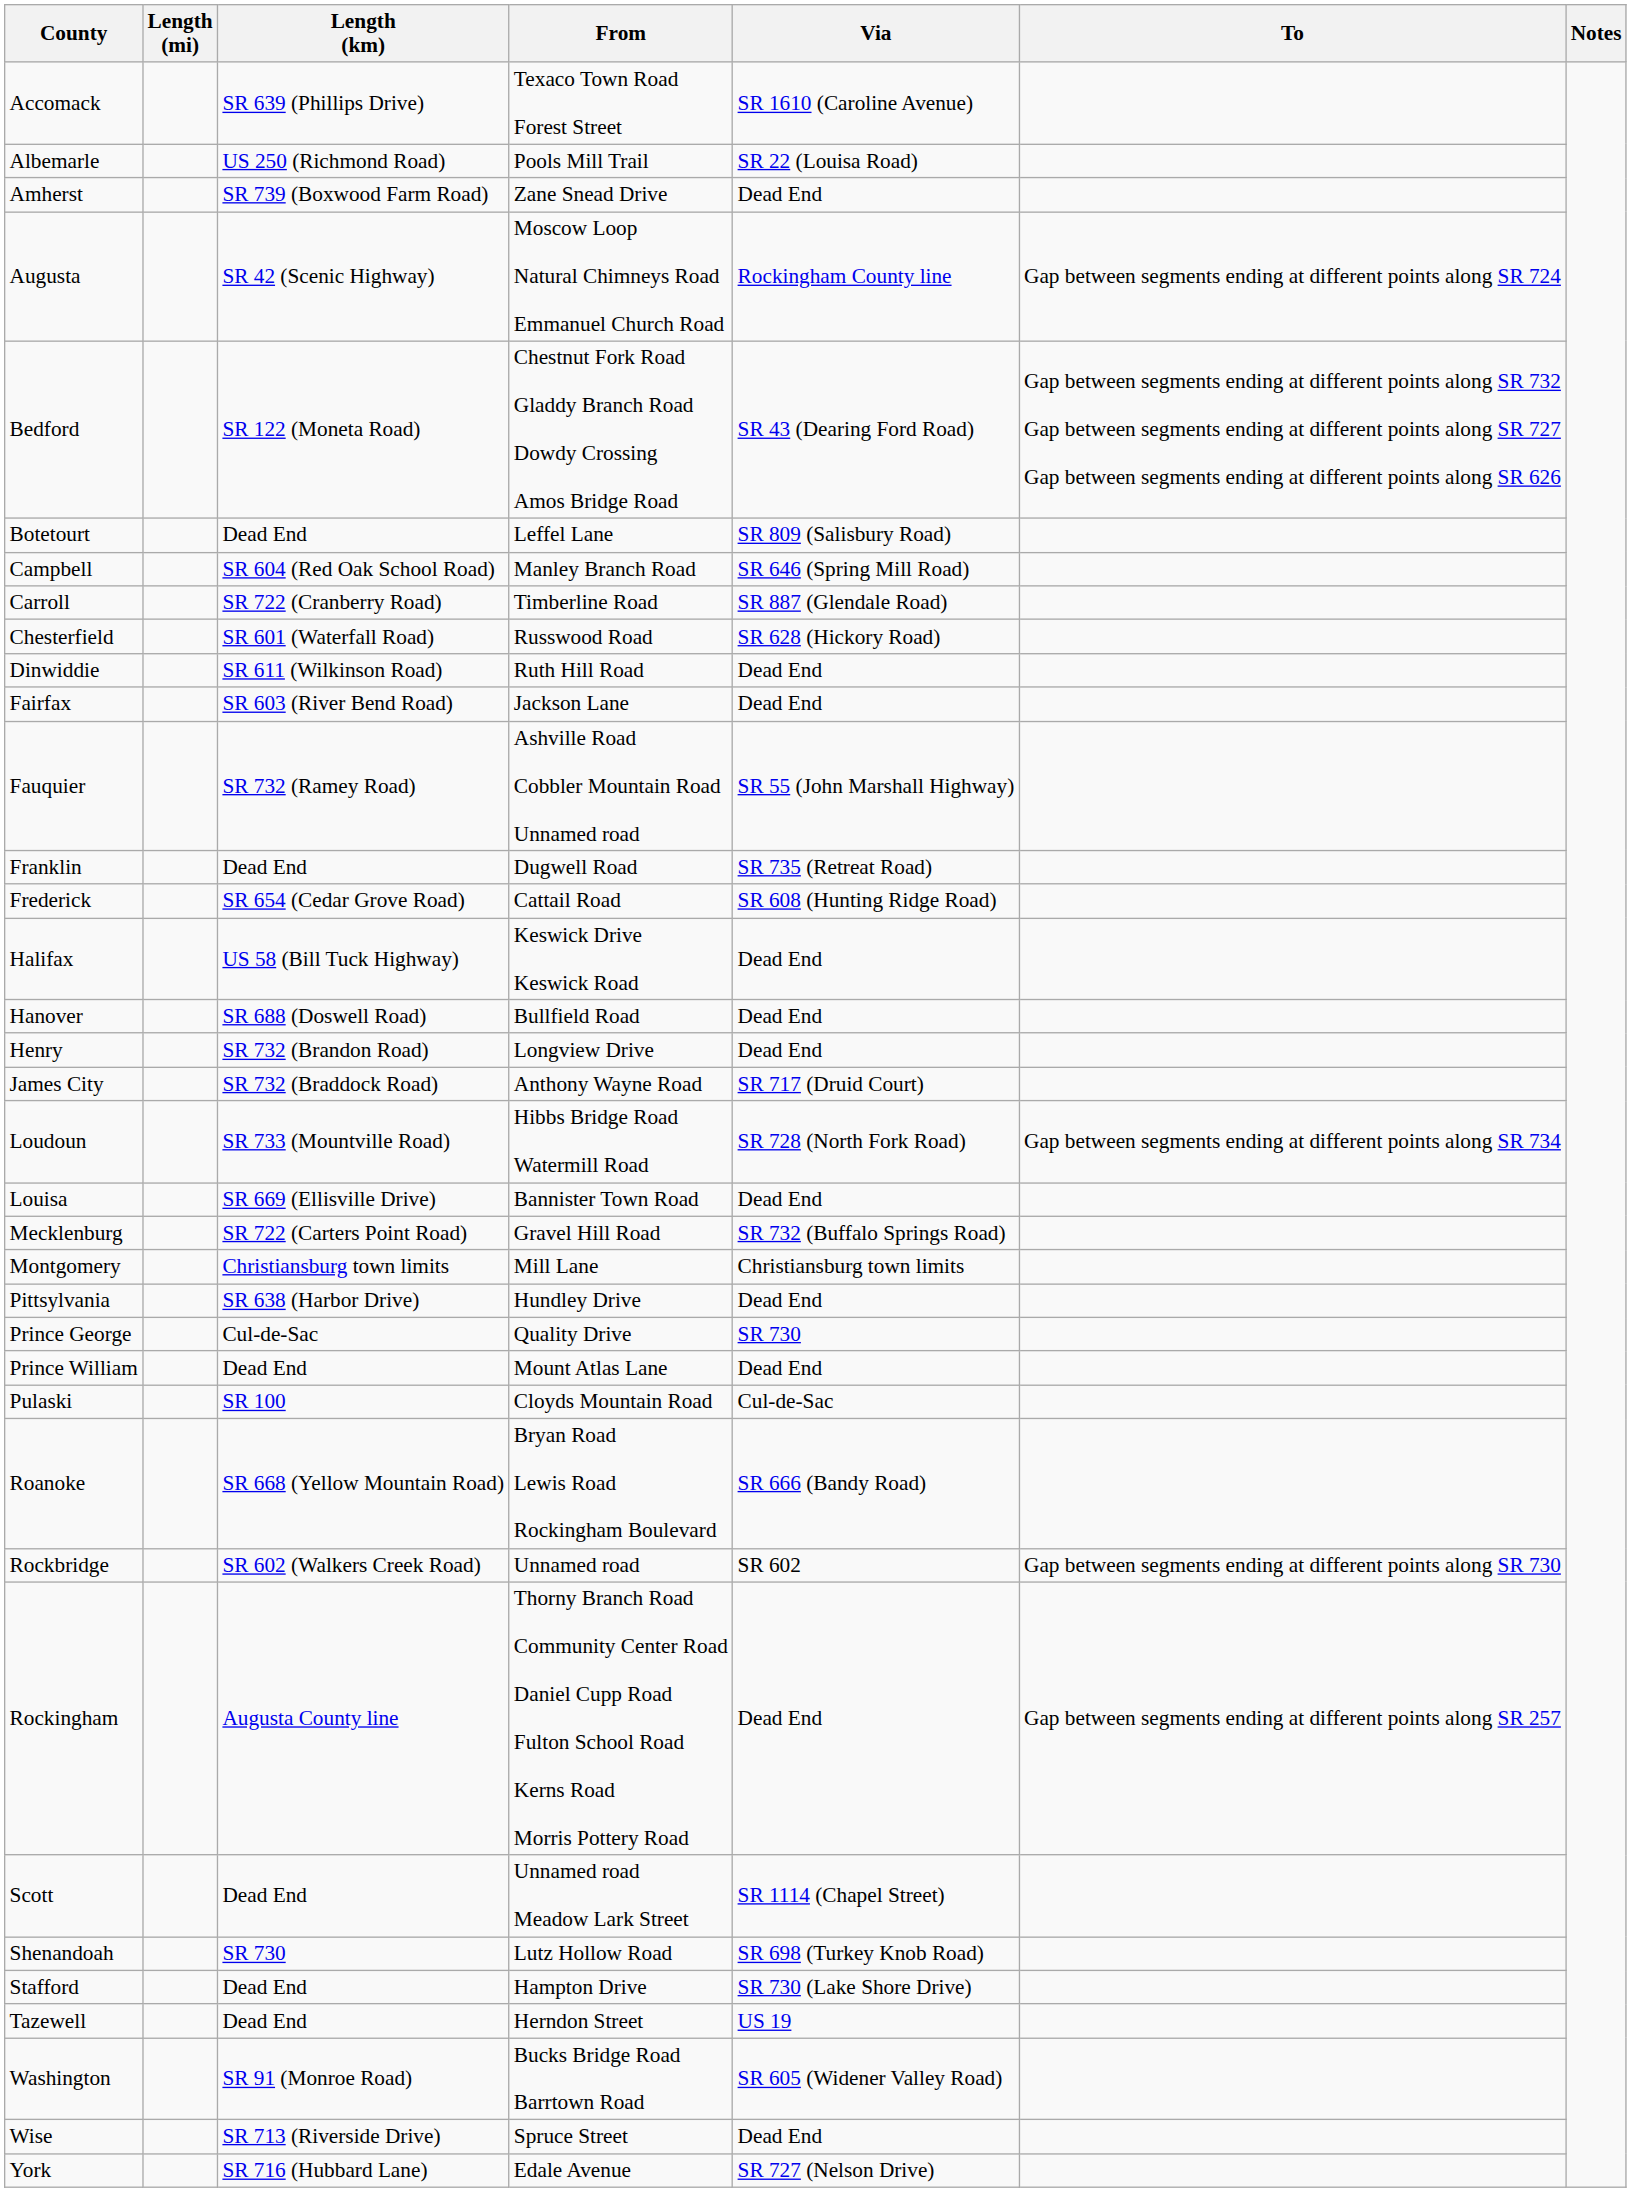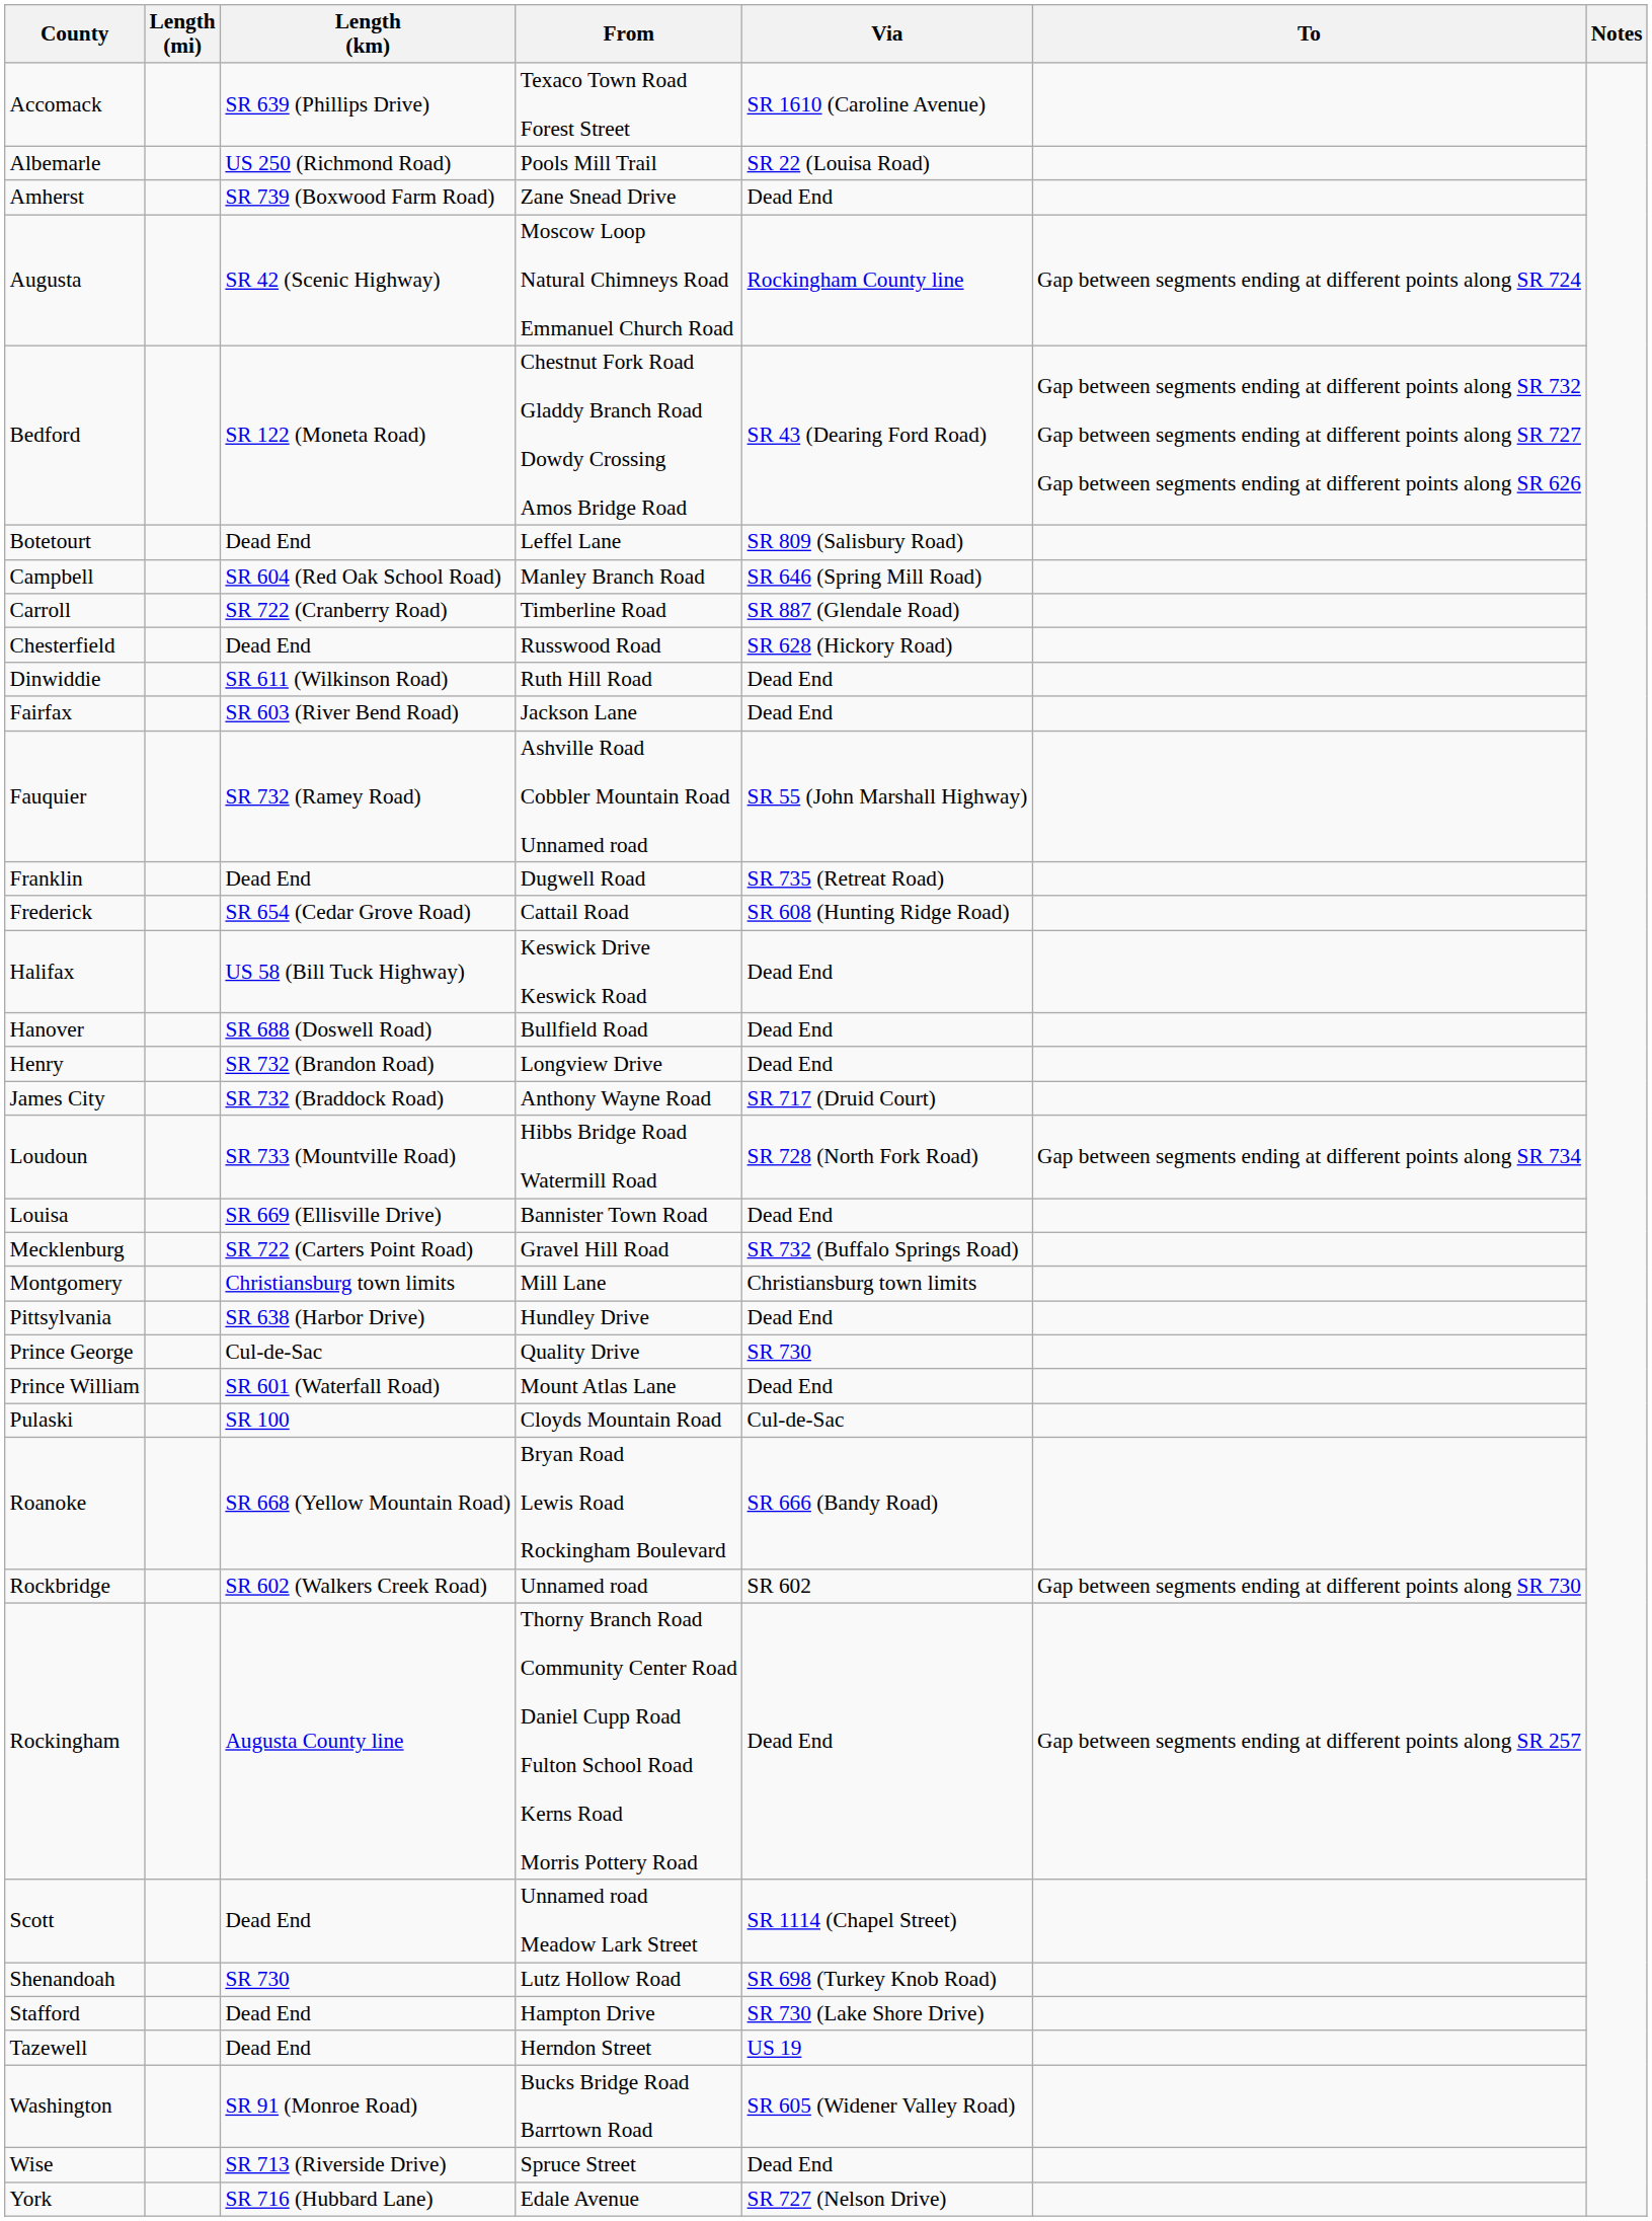 <table class="wikitable sortable">
 <tr>
 <th>County</th>
 <th>Length<br>(mi)</th>
 <th>Length<br>(km)</th>
 <th class="unsortable">From</th>
 <th class="unsortable">Via</th>
 <th class="unsortable">To</th>
 <th class="unsortable">Notes</th>
 </tr>
 <tr>
 <td id="Accomack">Accomack</td>
 <td></td>
 <td><a href='#'>SR 639</a> (Phillips Drive)</td>
 <td>Texaco Town Road<br><br>Forest Street</td>
 <td><a href='#'>SR 1610</a> (Caroline Avenue)</td>
 <td></td>
 </tr>
 <tr>
 <td id="Albemarle">Albemarle</td>
 <td></td>
 <td><a href='#'>US 250</a> (Richmond Road)</td>
 <td>Pools Mill Trail</td>
 <td><a href='#'>SR 22</a> (Louisa Road)</td>
 <td><br> </td>
 </tr>
 <tr>
 <td id="Amherst">Amherst</td>
 <td></td>
 <td><a href='#'>SR 739</a> (Boxwood Farm Road)</td>
 <td>Zane Snead Drive</td>
 <td>Dead End</td>
 <td><br> </td>
 </tr>
 <tr>
 <td id="Augusta">Augusta</td>
 <td></td>
 <td><a href='#'>SR 42</a> (Scenic Highway)</td>
 <td>Moscow Loop<br><br>Natural Chimneys Road<br><br>Emmanuel Church Road</td>
 <td><a href='#'>Rockingham County line</a></td>
 <td>Gap between segments ending at different points along <a href='#'>SR 724</a></td>
 </tr>
 <tr>
 <td id="Bedford">Bedford</td>
 <td></td>
 <td><a href='#'>SR 122</a> (Moneta Road)</td>
 <td>Chestnut Fork Road<br><br>Gladdy Branch Road<br><br>Dowdy Crossing<br><br>Amos Bridge Road</td>
 <td><a href='#'>SR 43</a> (Dearing Ford Road)</td>
 <td>Gap between segments ending at different points along <a href='#'>SR 732</a><br><br>Gap between segments ending at different points along <a href='#'>SR 727</a><br><br>Gap between segments ending at different points along <a href='#'>SR 626</a><br></td>
 </tr>
 <tr>
 <td id="Botetourt">Botetourt</td>
 <td></td>
 <td>Dead End</td>
 <td>Leffel Lane</td>
 <td><a href='#'>SR 809</a> (Salisbury Road)</td>
 <td><br>  </td>
 </tr>
 <tr>
 <td id="Campbell">Campbell</td>
 <td></td>
 <td><a href='#'>SR 604</a> (Red Oak School Road)</td>
 <td>Manley Branch Road</td>
 <td><a href='#'>SR 646</a> (Spring Mill Road)</td>
 <td><br></td>
 </tr>
 <tr>
 <td id="Carroll">Carroll</td>
 <td></td>
 <td><a href='#'>SR 722</a> (Cranberry Road)</td>
 <td>Timberline Road</td>
 <td><a href='#'>SR 887</a> (Glendale Road)</td>
 <td><br> </td>
 </tr>
 <tr>
 <td id="Chesterfield">Chesterfield</td>
 <td></td>
-<td><a href='#'>SR 601</a> (Waterfall Road)</td>
+<td>Dead End</td>
 <td>Russwood Road</td>
 <td><a href='#'>SR 628</a> (Hickory Road)</td>
 <td><br>    </td>
 </tr>
 <tr>
 <td id="Dinwiddie">Dinwiddie</td>
 <td></td>
 <td><a href='#'>SR 611</a> (Wilkinson Road)</td>
 <td>Ruth Hill Road</td>
 <td>Dead End</td>
 <td><br></td>
 </tr>
 <tr>
 <td id="Fairfax">Fairfax</td>
 <td></td>
 <td><a href='#'>SR 603</a> (River Bend Road)</td>
 <td>Jackson Lane</td>
 <td>Dead End</td>
 <td></td>
 </tr>
 <tr>
 <td id="Fauquier">Fauquier</td>
 <td></td>
 <td><a href='#'>SR 732</a> (Ramey Road)</td>
 <td>Ashville Road<br><br>Cobbler Mountain Road<br><br>Unnamed road</td>
 <td><a href='#'>SR 55</a> (John Marshall Highway)</td>
 <td><br> </td>
 </tr>
 <tr>
 <td id="Franklin">Franklin</td>
 <td></td>
 <td>Dead End</td>
 <td>Dugwell Road</td>
 <td><a href='#'>SR 735</a> (Retreat Road)</td>
 <td></td>
 </tr>
 <tr>
 <td id="Frederick">Frederick</td>
 <td></td>
 <td><a href='#'>SR 654</a> (Cedar Grove Road)</td>
 <td>Cattail Road</td>
 <td><a href='#'>SR 608</a> (Hunting Ridge Road)</td>
 <td><br>     </td>
 </tr>
 <tr>
 <td id="Halifax">Halifax</td>
 <td></td>
 <td><a href='#'>US 58</a> (Bill Tuck Highway)</td>
 <td>Keswick Drive<br><br>Keswick Road</td>
 <td>Dead End</td>
 <td></td>
 </tr>
 <tr>
 <td id="Hanover">Hanover</td>
 <td></td>
 <td><a href='#'>SR 688</a> (Doswell Road)</td>
 <td>Bullfield Road</td>
 <td>Dead End</td>
 <td><br></td>
 </tr>
 <tr>
 <td id="Henry">Henry</td>
 <td></td>
 <td><a href='#'>SR 732</a> (Brandon Road)</td>
 <td>Longview Drive</td>
 <td>Dead End</td>
 <td><br> </td>
 </tr>
 <tr>
 <td id="James City">James City</td>
 <td></td>
 <td><a href='#'>SR 732</a> (Braddock Road)</td>
 <td>Anthony Wayne Road</td>
 <td><a href='#'>SR 717</a> (Druid Court)</td>
 <td><br>    </td>
 </tr>
 <tr>
 <td id="Loudoun">Loudoun</td>
 <td></td>
 <td><a href='#'>SR 733</a> (Mountville Road)</td>
 <td>Hibbs Bridge Road<br><br>Watermill Road</td>
 <td><a href='#'>SR 728</a> (North Fork Road)</td>
 <td>Gap between segments ending at different points along <a href='#'>SR 734</a></td>
 </tr>
 <tr>
 <td id="Louisa">Louisa</td>
 <td></td>
 <td><a href='#'>SR 669</a> (Ellisville Drive)</td>
 <td>Bannister Town Road</td>
 <td>Dead End</td>
 <td><br>  </td>
 </tr>
 <tr>
 <td id="Mecklenburg">Mecklenburg</td>
 <td></td>
 <td><a href='#'>SR 722</a> (Carters Point Road)</td>
 <td>Gravel Hill Road</td>
 <td><a href='#'>SR 732</a> (Buffalo Springs Road)</td>
 <td><br></td>
 </tr>
 <tr>
 <td id="Montgomery">Montgomery</td>
 <td></td>
 <td><a href='#'>Christiansburg</a> town limits</td>
 <td>Mill Lane</td>
 <td>Christiansburg town limits</td>
 <td><br>       </td>
 </tr>
 <tr>
 <td id="Pittsylvania">Pittsylvania</td>
 <td></td>
 <td><a href='#'>SR 638</a> (Harbor Drive)</td>
 <td>Hundley Drive</td>
 <td>Dead End</td>
 <td><br> </td>
 </tr>
 <tr>
 <td id="Prince George">Prince George</td>
 <td></td>
 <td>Cul-de-Sac</td>
 <td>Quality Drive</td>
 <td><a href='#'>SR 730</a></td>
 <td></td>
 </tr>
 <tr>
 <td id="Prince William">Prince William</td>
 <td></td>
-<td>Dead End</td>
+<td><a href='#'>SR 601</a> (Waterfall Road)</td>
 <td>Mount Atlas Lane</td>
 <td>Dead End</td>
 <td></td>
 </tr>
 <tr>
 <td id="Pulaski">Pulaski</td>
 <td></td>
 <td><a href='#'>SR 100</a></td>
 <td>Cloyds Mountain Road</td>
 <td>Cul-de-Sac</td>
 <td><br> </td>
 </tr>
 <tr>
 <td id="Roanoke">Roanoke</td>
 <td></td>
 <td><a href='#'>SR 668</a> (Yellow Mountain Road)</td>
 <td>Bryan Road<br><br>Lewis Road<br><br>Rockingham Boulevard</td>
 <td><a href='#'>SR 666</a> (Bandy Road)</td>
 <td></td>
 </tr>
 <tr>
 <td id="Rockbridge">Rockbridge</td>
 <td></td>
 <td><a href='#'>SR 602</a> (Walkers Creek Road)</td>
 <td>Unnamed road</td>
 <td>SR 602</td>
 <td>Gap between segments ending at different points along <a href='#'>SR 730</a><br></td>
 </tr>
 <tr>
 <td id="Rockingham">Rockingham</td>
 <td></td>
 <td><a href='#'>Augusta County line</a></td>
 <td>Thorny Branch Road<br><br>Community Center Road<br><br>Daniel Cupp Road<br><br>Fulton School Road<br><br>Kerns Road<br><br>Morris Pottery Road</td>
 <td>Dead End</td>
 <td>Gap between segments ending at different points along <a href='#'>SR 257</a><br></td>
 </tr>
 <tr>
 <td id="Scott">Scott</td>
 <td></td>
 <td>Dead End</td>
 <td>Unnamed road<br><br>Meadow Lark Street</td>
 <td><a href='#'>SR 1114</a> (Chapel Street)</td>
 <td></td>
 </tr>
 <tr>
 <td id="Shenandoah">Shenandoah</td>
 <td></td>
 <td><a href='#'>SR 730</a></td>
 <td>Lutz Hollow Road</td>
 <td><a href='#'>SR 698</a> (Turkey Knob Road)</td>
 <td><br>  </td>
 </tr>
 <tr>
 <td id="Stafford">Stafford</td>
 <td></td>
 <td>Dead End</td>
 <td>Hampton Drive</td>
 <td><a href='#'>SR 730</a> (Lake Shore Drive)</td>
 <td><br> </td>
 </tr>
 <tr>
 <td id="Tazewell">Tazewell</td>
 <td></td>
 <td>Dead End</td>
 <td>Herndon Street</td>
 <td><a href='#'>US 19</a></td>
 <td><br></td>
 </tr>
 <tr>
 <td id="Washington">Washington</td>
 <td></td>
 <td><a href='#'>SR 91</a> (Monroe Road)</td>
 <td>Bucks Bridge Road<br><br>Barrtown Road</td>
 <td><a href='#'>SR 605</a> (Widener Valley Road)</td>
 <td><br></td>
 </tr>
 <tr>
 <td id="Wise">Wise</td>
 <td></td>
 <td><a href='#'>SR 713</a> (Riverside Drive)</td>
 <td>Spruce Street</td>
 <td>Dead End</td>
 <td><br></td>
 </tr>
 <tr>
 <td id="York">York</td>
 <td></td>
 <td><a href='#'>SR 716</a> (Hubbard Lane)</td>
 <td>Edale Avenue</td>
 <td><a href='#'>SR 727</a> (Nelson Drive)</td>
 <td></td>
 </tr>
 </table>
